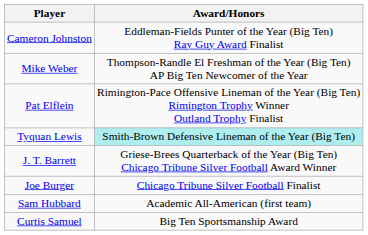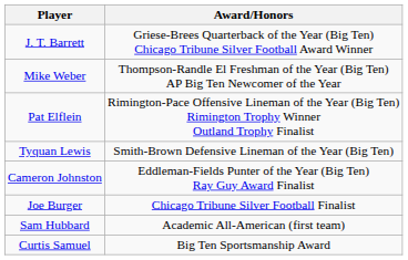 <table class="wikitable sortable sortable" style="text-align: center">
 <tr align="center">
 <th>Player</th>
 <th>Award/Honors</th>
 </tr>
 <tr>
-<td><a href='#'>Cameron Johnston</a></td>
-<td>Eddleman-Fields Punter of the Year (Big Ten)<br><a href='#'>Ray Guy Award</a> Finalist</td>
+<td><a href='#'>J. T. Barrett</a></td>
+<td>Griese-Brees Quarterback of the Year (Big Ten)<br><a href='#'>Chicago Tribune Silver Football</a> Award Winner</td>
 </tr>
 <tr>
 <td><a href='#'>Mike Weber</a></td>
 <td>Thompson-Randle El Freshman of the Year (Big Ten)<br>AP Big Ten Newcomer of the Year</td>
 </tr>
 <tr>
 <td><a href='#'>Pat Elflein</a></td>
 <td>Rimington-Pace Offensive Lineman of the Year (Big Ten)<br><a href='#'>Rimington Trophy</a> Winner<br><a href='#'>Outland Trophy</a> Finalist</td>
 </tr>
 <tr>
 <td><a href='#'>Tyquan Lewis</a></td>
-<td style="background: paleturquoise;">Smith-Brown Defensive Lineman of the Year (Big Ten)</td>
+<td>Smith-Brown Defensive Lineman of the Year (Big Ten)</td>
 </tr>
 <tr>
-<td><a href='#'>J. T. Barrett</a></td>
-<td>Griese-Brees Quarterback of the Year (Big Ten)<br><a href='#'>Chicago Tribune Silver Football</a> Award Winner</td>
+<td><a href='#'>Cameron Johnston</a></td>
+<td>Eddleman-Fields Punter of the Year (Big Ten)<br><a href='#'>Ray Guy Award</a> Finalist</td>
 </tr>
 <tr>
 <td><a href='#'>Joe Burger</a></td>
 <td><a href='#'>Chicago Tribune Silver Football</a> Finalist</td>
 </tr>
 <tr>
 <td><a href='#'>Sam Hubbard</a></td>
 <td>Academic All-American (first team) </td>
 </tr>
 <tr>
 <td><a href='#'>Curtis Samuel</a></td>
 <td>Big Ten Sportsmanship Award</td>
 </tr>
 </table>
